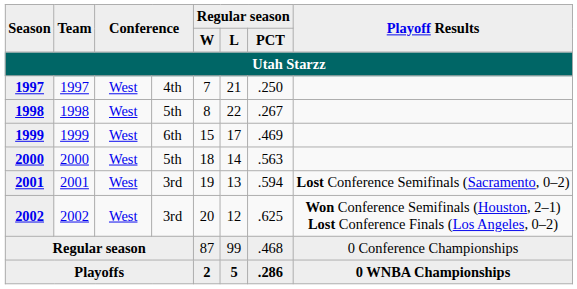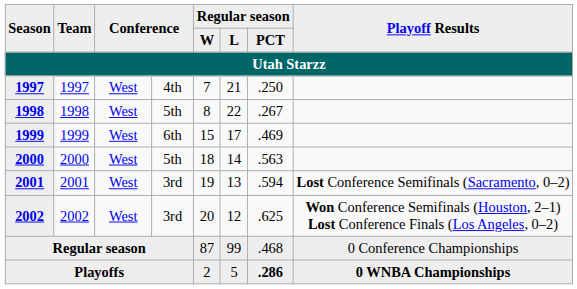 <table class="wikitable" style="font-size:95%; text-align: center; margin:1em auto;">
 <tr>
 <th rowspan="2" style="background:#eee;">Season</th>
 <th rowspan="2" style="background:#eee;">Team</th>
 <th rowspan="2" colspan="2" style="background:#eee;">Conference</th>
 <th colspan="3" style="background:#eee;">Regular season</th>
 <th rowspan="2" style="background:#eee;"><a href='#'>Playoff</a> Results</th>
 </tr>
 <tr>
 <th style="background:#eee;">W</th>
 <th style="background:#eee;">L</th>
 <th style="background:#eee;">PCT</th>
 </tr>
 <tr>
 <td colspan="8" align=center style="text-align:center; background-color:#006666; color:#FFFFFF;"><strong>Utah Starzz</strong></td>
 </tr>
 <tr align="center">
 <th style="background:#eee;"><a href='#'>1997</a></th>
 <td><a href='#'>1997</a></td>
 <td style="width: 10%"><a href='#'>West</a></td>
 <td>4th</td>
 <td>7</td>
 <td>21</td>
 <td>.250</td>
 <td></td>
 </tr>
 <tr align="center">
 <th style="background:#eee;"><a href='#'>1998</a></th>
 <td><a href='#'>1998</a></td>
 <td style="width: 10%"><a href='#'>West</a></td>
 <td>5th</td>
 <td>8</td>
 <td>22</td>
 <td>.267</td>
 <td></td>
 </tr>
 <tr align="center">
 <th style="background:#eee;"><a href='#'>1999</a></th>
 <td><a href='#'>1999</a></td>
 <td style="width: 10%"><a href='#'>West</a></td>
 <td>6th</td>
 <td>15</td>
 <td>17</td>
 <td>.469</td>
 <td></td>
 </tr>
 <tr align="center">
 <th style="background:#eee;"><a href='#'>2000</a></th>
 <td><a href='#'>2000</a></td>
 <td style="width: 10%"><a href='#'>West</a></td>
 <td>5th</td>
 <td>18</td>
 <td>14</td>
 <td>.563</td>
 <td></td>
 </tr>
 <tr align="center">
 <th style="background:#eee;"><a href='#'>2001</a></th>
 <td><a href='#'>2001</a></td>
 <td style="width: 10%"><a href='#'>West</a></td>
 <td>3rd</td>
 <td>19</td>
 <td>13</td>
 <td>.594</td>
 <td><strong>Lost</strong> Conference Semifinals (<a href='#'>Sacramento</a>, 0–2)</td>
 </tr>
 <tr align="center">
 <th style="background:#eee;"><a href='#'>2002</a></th>
 <td><a href='#'>2002</a></td>
 <td style="width: 10%"><a href='#'>West</a></td>
 <td>3rd</td>
 <td>20</td>
 <td>12</td>
 <td>.625</td>
 <td><strong>Won</strong> Conference Semifinals (<a href='#'>Houston</a>, 2–1)<br><strong>Lost</strong> Conference Finals (<a href='#'>Los Angeles</a>, 0–2)</td>
 </tr>
 <tr>
 <th colspan="4" style="background:#eee;">Regular season</th>
 <td style="background:#eee;">87</td>
 <td style="background:#eee;">99</td>
 <td style="background:#eee;">.468</td>
 <td style="background:#eee;">0 Conference Championships</td>
 </tr>
 <tr>
 <th colspan="4" style="background:#eee;">Playoffs</th>
-<td style="background:#eee;"><strong>2</strong></td>
-<td style="background:#eee;"><strong>5</strong></td>
+<td style="background:#eee;">2</td>
+<td style="background:#eee;">5</td>
 <td style="background:#eee;"><strong>.286</strong></td>
 <td style="background:#eee;"><strong>0 WNBA Championships</strong></td>
 </tr>
 </table>
